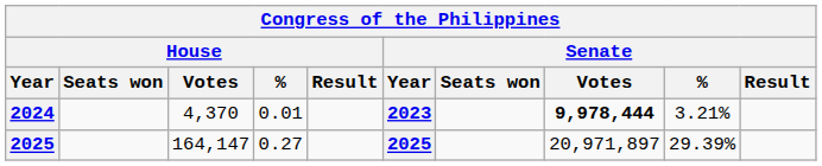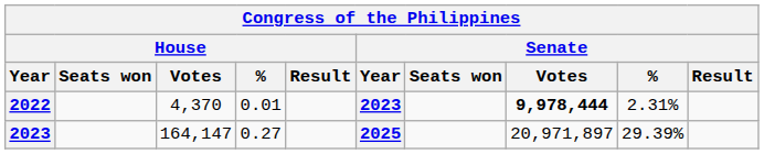 <table class="wikitable" style="text-align:center; font-size:90%">
 <tr>
 <th colspan="10"><a href='#'>Congress of the Philippines</a></th>
 </tr>
 <tr>
 <th colspan="5"><a href='#'>House</a></th>
 <th colspan="5"><a href='#'>Senate</a></th>
 </tr>
 <tr>
 <th>Year</th>
 <th>Seats won</th>
 <th>Votes</th>
 <th>%</th>
 <th>Result</th>
 <th>Year</th>
 <th>Seats won</th>
 <th>Votes</th>
 <th>%</th>
 <th>Result</th>
 </tr>
 <tr>
-<th><a href='#'>2024</a></th>
+<th><a href='#'>2022</a></th>
 <td></td>
 <td>4,370</td>
 <td>0.01</td>
 <td></td>
 <th><a href='#'>2023</a></th>
 <td></td>
 <td><strong>9,978,444</strong></td>
-<td>3.21%</td>
+<td>2.31%</td>
 <td></td>
 </tr>
 <tr>
-<th><a href='#'>2025</a></th>
+<th><a href='#'>2023</a></th>
 <td></td>
 <td>164,147</td>
 <td>0.27</td>
 <td></td>
 <th><a href='#'>2025</a></th>
 <td></td>
 <td>20,971,897</td>
 <td>29.39%</td>
 <td></td>
 </tr>
 </table>
